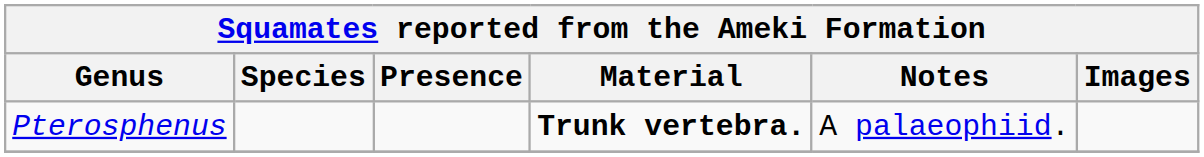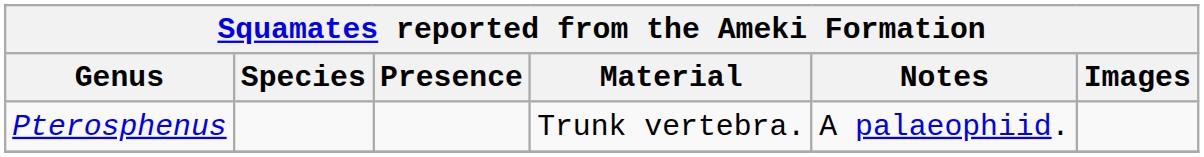 <table class="wikitable" align="center">
 <tr>
 <th colspan="6" align="center"><a href='#'>Squamates</a> reported from the Ameki Formation</th>
 </tr>
 <tr>
 <th>Genus</th>
 <th>Species</th>
 <th>Presence</th>
 <th>Material</th>
 <th>Notes</th>
 <th>Images</th>
 </tr>
 <tr>
 <td><em><a href='#'>Pterosphenus</a></em></td>
 <td></td>
 <td></td>
-<td><strong>Trunk vertebra.</strong></td>
+<td>Trunk vertebra.</td>
 <td>A <a href='#'>palaeophiid</a>.</td>
 <td></td>
 </tr>
 <tr>
 </tr>
 </table>
